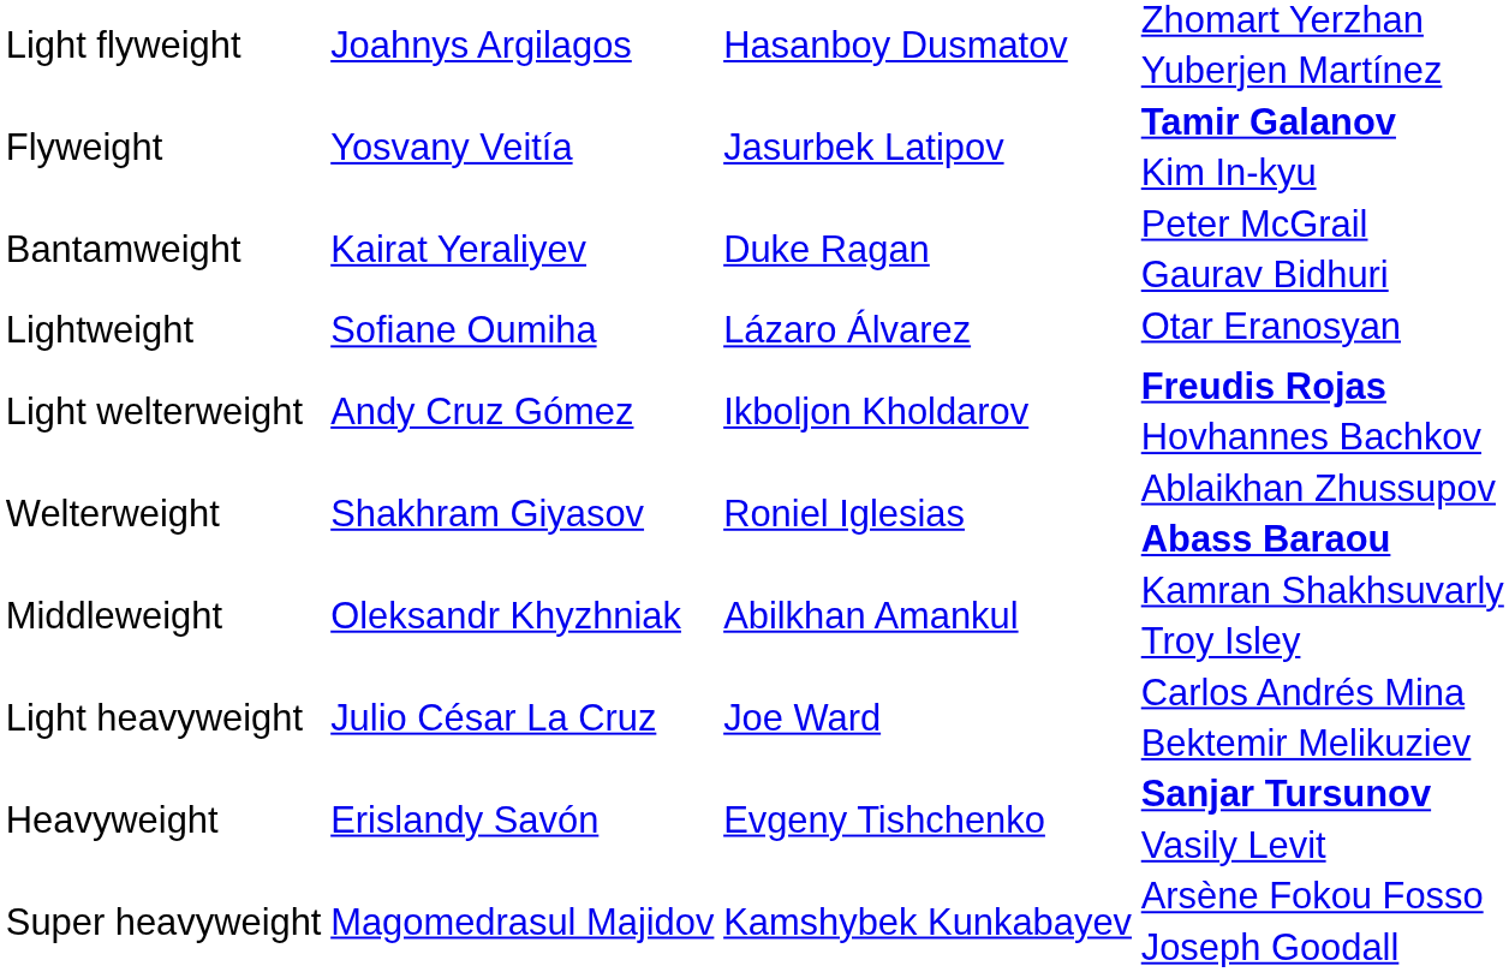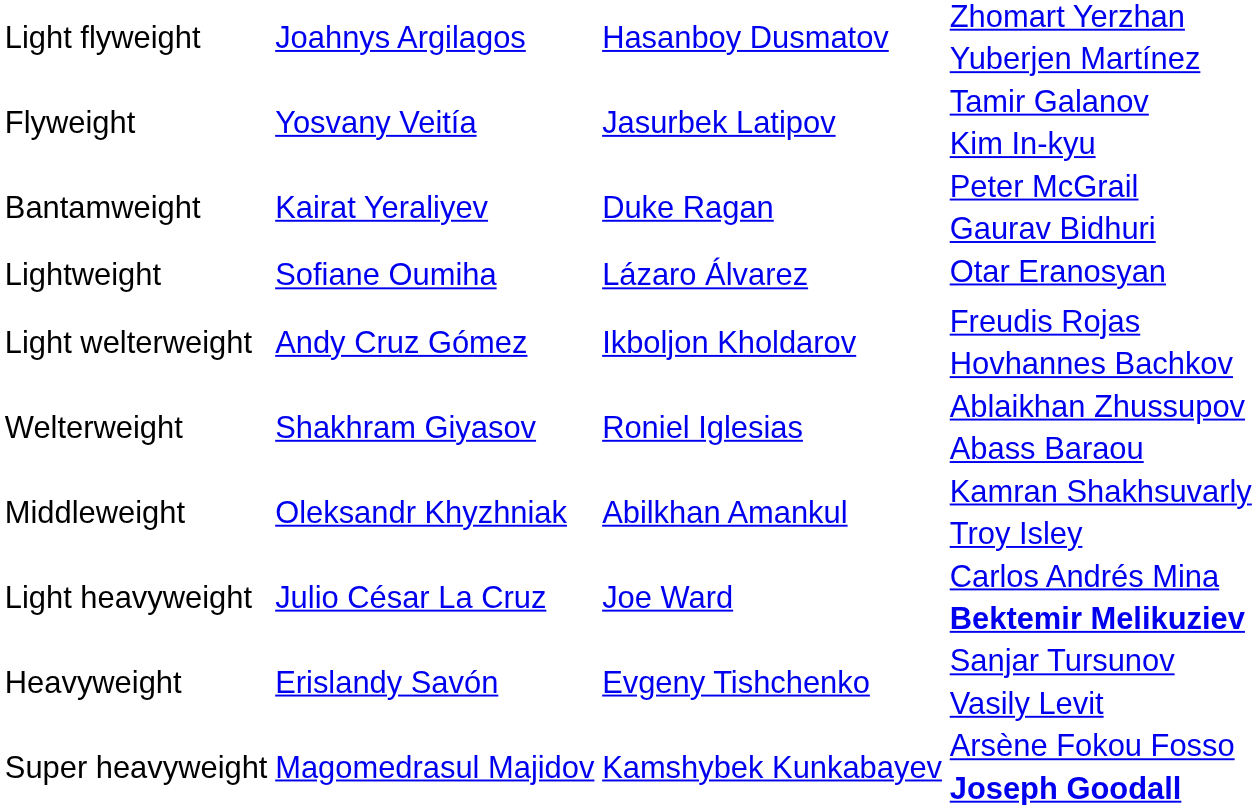 <table>
 <tr>
 <td rowspan=2>Light flyweight<br></td>
 <td rowspan=2> <a href='#'>Joahnys Argilagos</a></td>
 <td rowspan=2> <a href='#'>Hasanboy Dusmatov</a></td>
 <td> <a href='#'>Zhomart Yerzhan</a></td>
 </tr>
 <tr>
 <td> <a href='#'>Yuberjen Martínez</a></td>
 </tr>
 <tr>
 <td rowspan=2>Flyweight<br></td>
 <td rowspan=2> <a href='#'>Yosvany Veitía</a></td>
 <td rowspan=2> <a href='#'>Jasurbek Latipov</a></td>
-<td><strong> <a href='#'>Tamir Galanov</a></strong></td>
+<td> <a href='#'>Tamir Galanov</a></td>
 </tr>
 <tr>
 <td> <a href='#'>Kim In-kyu</a></td>
 </tr>
 <tr>
 <td rowspan=2>Bantamweight<br></td>
 <td rowspan=2> <a href='#'>Kairat Yeraliyev</a></td>
 <td rowspan=2> <a href='#'>Duke Ragan</a></td>
 <td> <a href='#'>Peter McGrail</a></td>
 </tr>
 <tr>
 <td> <a href='#'>Gaurav Bidhuri</a></td>
 </tr>
 <tr>
 <td rowspan=2>Lightweight<br></td>
 <td rowspan=2> <a href='#'>Sofiane Oumiha</a></td>
 <td rowspan=2> <a href='#'>Lázaro Álvarez</a></td>
 <td> <a href='#'>Otar Eranosyan</a></td>
 </tr>
 <tr>
 <td></td>
 </tr>
 <tr>
 <td rowspan=2>Light welterweight<br></td>
 <td rowspan=2> <a href='#'>Andy Cruz Gómez</a></td>
 <td rowspan=2> <a href='#'>Ikboljon Kholdarov</a></td>
-<td><strong> <a href='#'>Freudis Rojas</a></strong></td>
+<td> <a href='#'>Freudis Rojas</a></td>
 </tr>
 <tr>
 <td> <a href='#'>Hovhannes Bachkov</a></td>
 </tr>
 <tr>
 <td rowspan=2>Welterweight<br></td>
 <td rowspan=2> <a href='#'>Shakhram Giyasov</a></td>
 <td rowspan=2> <a href='#'>Roniel Iglesias</a></td>
 <td> <a href='#'>Ablaikhan Zhussupov</a></td>
 </tr>
 <tr>
-<td><strong> <a href='#'>Abass Baraou</a></strong></td>
+<td> <a href='#'>Abass Baraou</a></td>
 </tr>
 <tr>
 <td rowspan=2>Middleweight<br></td>
 <td rowspan=2> <a href='#'>Oleksandr Khyzhniak</a></td>
 <td rowspan=2> <a href='#'>Abilkhan Amankul</a></td>
 <td> <a href='#'>Kamran Shakhsuvarly</a></td>
 </tr>
 <tr>
 <td> <a href='#'>Troy Isley</a></td>
 </tr>
 <tr>
 <td rowspan=2>Light heavyweight<br></td>
 <td rowspan=2> <a href='#'>Julio César La Cruz</a></td>
 <td rowspan=2> <a href='#'>Joe Ward</a></td>
 <td> <a href='#'>Carlos Andrés Mina</a></td>
 </tr>
 <tr>
-<td> <a href='#'>Bektemir Melikuziev</a></td>
+<td><strong> <a href='#'>Bektemir Melikuziev</a></strong></td>
 </tr>
 <tr>
 <td rowspan=2>Heavyweight<br></td>
 <td rowspan=2> <a href='#'>Erislandy Savón</a></td>
 <td rowspan=2> <a href='#'>Evgeny Tishchenko</a></td>
-<td><strong> <a href='#'>Sanjar Tursunov</a></strong></td>
+<td> <a href='#'>Sanjar Tursunov</a></td>
 </tr>
 <tr>
 <td> <a href='#'>Vasily Levit</a></td>
 </tr>
 <tr>
 <td rowspan=2>Super heavyweight<br></td>
 <td rowspan=2> <a href='#'>Magomedrasul Majidov</a></td>
 <td rowspan=2> <a href='#'>Kamshybek Kunkabayev</a></td>
 <td> <a href='#'>Arsène Fokou Fosso</a></td>
 </tr>
 <tr>
-<td> <a href='#'>Joseph Goodall</a></td>
+<td><strong> <a href='#'>Joseph Goodall</a></strong></td>
 </tr>
 </table>
